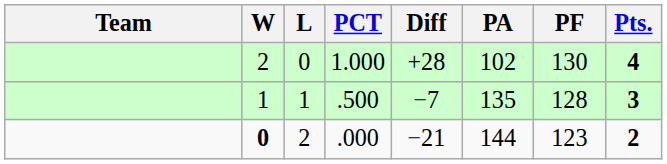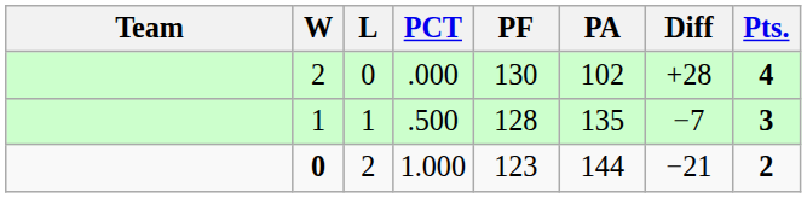 <table class=wikitable>
 <tr align=center>
 <th width=150px>Team</th>
 <th width=20px>W</th>
 <th width=20px>L</th>
 <th><a href='#'>PCT</a></th>
+<th width=40px>PF</th>
+<th width=40px>PA</th>
 <th width=40px>Diff</th>
-<th width=40px>PA</th>
-<th width=40px>PF</th>
 <th width=30px><a href='#'>Pts.</a></th>
 </tr>
 <tr align=center |- bgcolor=#ccffcc>
 <td align=left></td>
 <td>2</td>
 <td>0</td>
-<td>1.000</td>
+<td>.000</td>
+<td>130</td>
+<td>102</td>
 <td>+28</td>
-<td>102</td>
-<td>130</td>
 <td><strong>4</strong></td>
 </tr>
 <tr align=center |- bgcolor=#ccffcc>
 <td align=left></td>
 <td>1</td>
 <td>1</td>
 <td>.500</td>
+<td>128</td>
+<td>135</td>
 <td>−7</td>
-<td>135</td>
-<td>128</td>
 <td><strong>3</strong></td>
 </tr>
 <tr align=center>
 <td align=left></td>
 <td><strong>0</strong></td>
 <td>2</td>
-<td>.000</td>
+<td>1.000</td>
+<td>123</td>
+<td>144</td>
 <td>−21</td>
-<td>144</td>
-<td>123</td>
 <td><strong>2</strong></td>
 </tr>
 </table>
